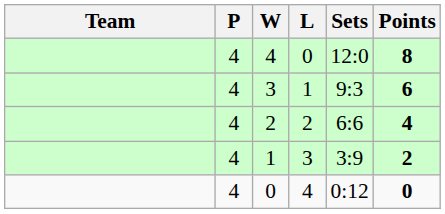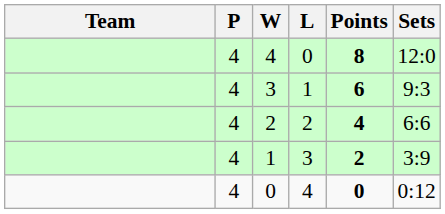 <table class="wikitable" style="text-align:center;">
 <tr>
 <th width=150>Team</th>
 <th width=20>P</th>
 <th width=20>W</th>
 <th width=20>L</th>
+<th width=20>Points</th>
 <th width=20>Sets</th>
-<th width=20>Points</th>
 </tr>
 <tr bgcolor=#ccffcc>
 <td align="left"></td>
 <td>4</td>
 <td>4</td>
 <td>0</td>
+<td><strong>8</strong></td>
 <td>12:0</td>
-<td><strong>8</strong></td>
 </tr>
 <tr bgcolor=#ccffcc>
 <td align="left"></td>
 <td>4</td>
 <td>3</td>
 <td>1</td>
+<td><strong>6</strong></td>
 <td>9:3</td>
-<td><strong>6</strong></td>
 </tr>
 <tr bgcolor=#ccffcc>
 <td align="left"></td>
 <td>4</td>
 <td>2</td>
 <td>2</td>
+<td><strong>4</strong></td>
 <td>6:6</td>
-<td><strong>4</strong></td>
 </tr>
 <tr bgcolor=#ccffcc>
 <td align="left"></td>
 <td>4</td>
 <td>1</td>
 <td>3</td>
+<td><strong>2</strong></td>
 <td>3:9</td>
-<td><strong>2</strong></td>
 </tr>
 <tr>
 <td align="left"></td>
 <td>4</td>
 <td>0</td>
 <td>4</td>
+<td><strong>0</strong></td>
 <td>0:12</td>
-<td><strong>0</strong></td>
 </tr>
 </table>
